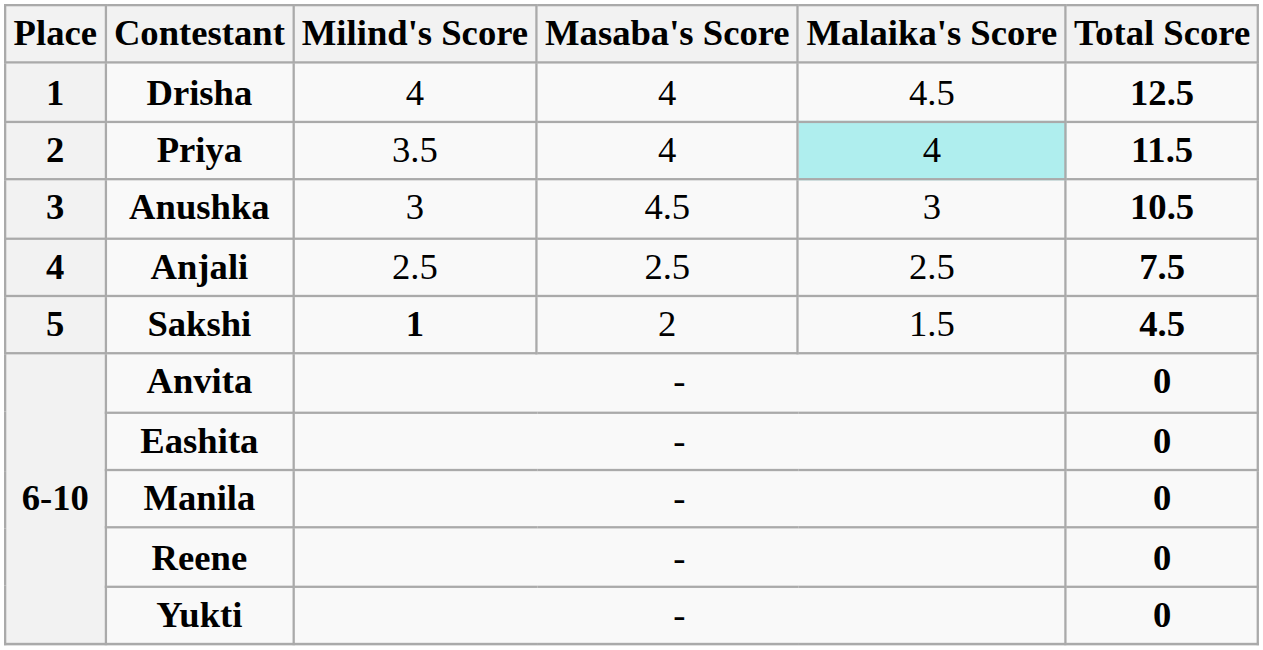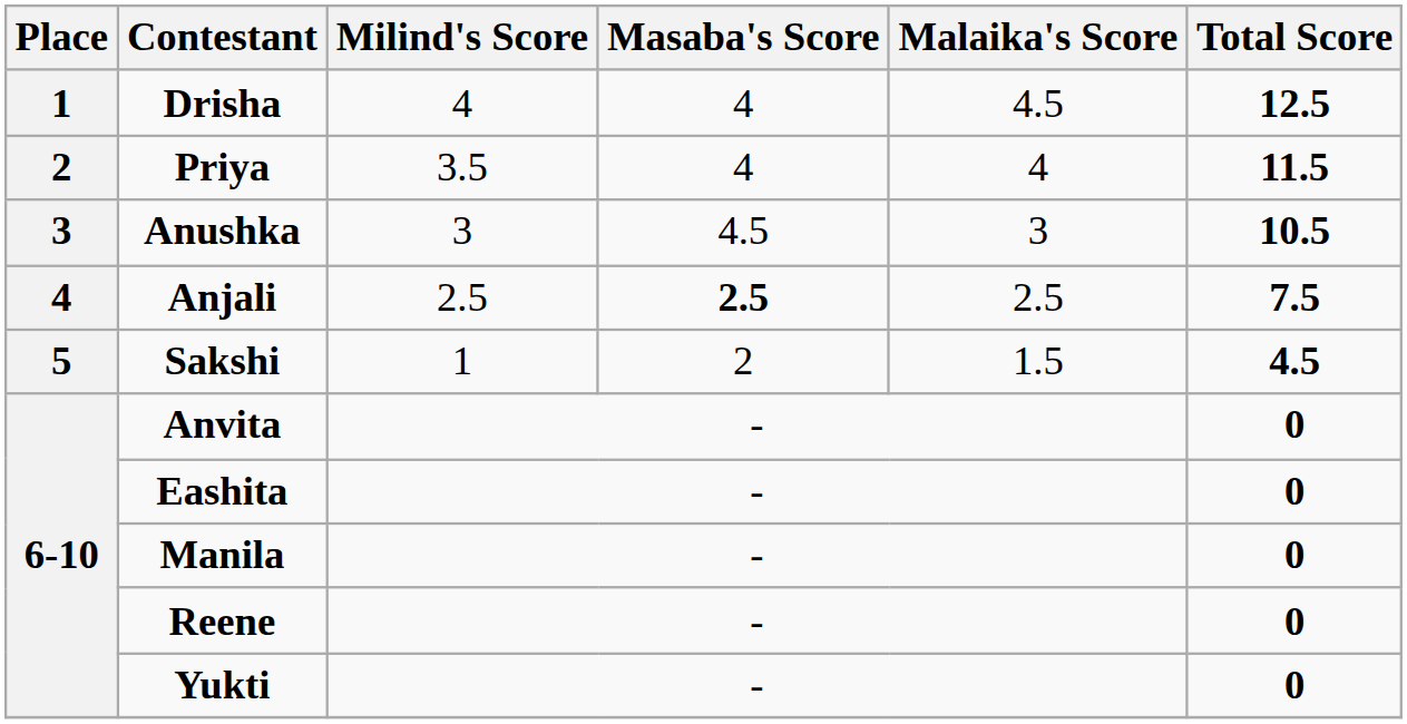 <table class="wikitable" style="text-align:center">
 <tr>
 <th>Place</th>
 <th>Contestant</th>
 <th>Milind's Score</th>
 <th scope="col">Masaba's Score</th>
 <th>Malaika's Score</th>
 <th>Total Score</th>
 </tr>
 <tr>
 <th>1</th>
 <td><strong>Drisha</strong></td>
 <td>4</td>
 <td>4</td>
 <td>4.5</td>
 <td><strong>12.5</strong></td>
 </tr>
 <tr>
 <th>2</th>
 <td><strong>Priya</strong></td>
 <td>3.5</td>
 <td>4</td>
-<td style="background: paleturquoise;">4</td>
+<td>4</td>
 <td><strong>11.5</strong></td>
 </tr>
 <tr>
 <th>3</th>
 <td><strong>Anushka</strong></td>
 <td>3</td>
 <td>4.5</td>
 <td>3</td>
 <td><strong>10.5</strong></td>
 </tr>
 <tr>
 <th>4</th>
 <td><strong>Anjali</strong></td>
 <td>2.5</td>
-<td>2.5</td>
+<td><strong>2.5</strong></td>
 <td>2.5</td>
 <td><strong>7.5</strong></td>
 </tr>
 <tr>
 <th>5</th>
 <td><strong>Sakshi</strong></td>
-<td><strong>1</strong></td>
+<td>1</td>
 <td>2</td>
 <td>1.5</td>
 <td><strong>4.5</strong></td>
 </tr>
 <tr>
 <th rowspan="5">6-10</th>
 <td><strong>Anvita</strong></td>
 <td colspan="3">-</td>
 <td><strong>0</strong></td>
 </tr>
 <tr>
 <td><strong>Eashita</strong></td>
 <td colspan="3">-</td>
 <td><strong>0</strong></td>
 </tr>
 <tr>
 <td><strong>Manila</strong></td>
 <td colspan="3">-</td>
 <td><strong>0</strong></td>
 </tr>
 <tr>
 <td><strong>Reene</strong></td>
 <td colspan="3">-</td>
 <td><strong>0</strong></td>
 </tr>
 <tr>
 <td><strong>Yukti</strong></td>
 <td colspan="3">-</td>
 <td><strong>0</strong></td>
 </tr>
 <tr>
 </tr>
 </table>
